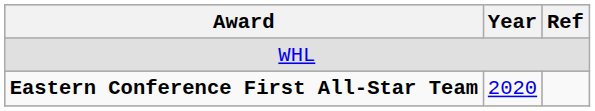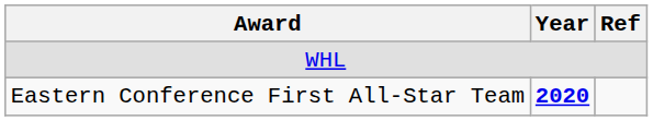 <table class="wikitable">
 <tr>
 <th>Award</th>
 <th>Year</th>
 <th>Ref</th>
 </tr>
 <tr ALIGN="center" bgcolor="#e0e0e0">
 <td colspan="3"><a href='#'>WHL</a></td>
 </tr>
 <tr>
-<td><strong>Eastern Conference First All-Star Team</strong></td>
-<td><a href='#'>2020</a></td>
+<td>Eastern Conference First All-Star Team</td>
+<td><strong><a href='#'>2020</a></strong></td>
 <td></td>
 </tr>
 </table>
